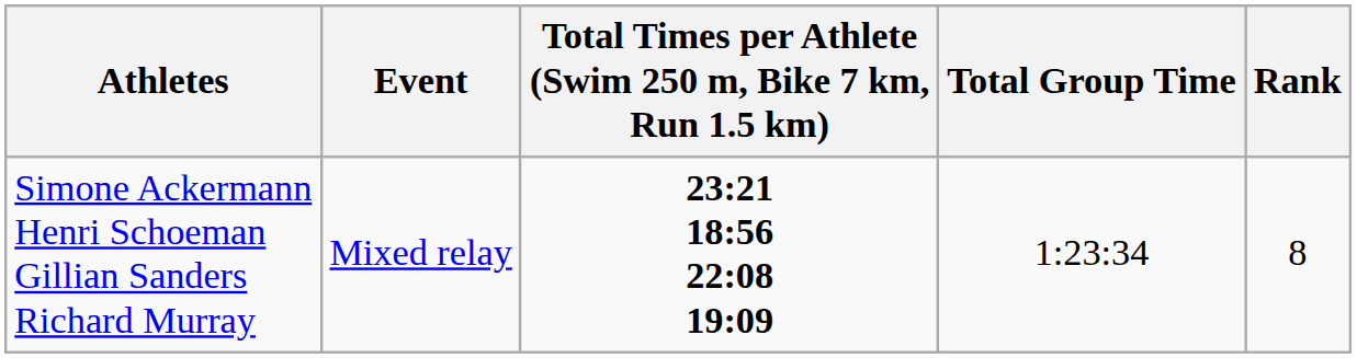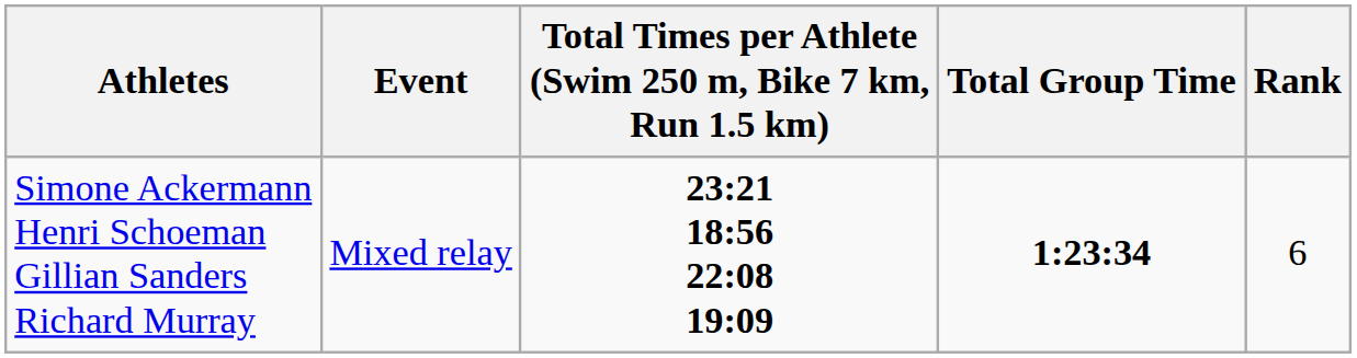 <table class="wikitable" border="1" style="font-size:90%">
 <tr>
 <th>Athletes</th>
 <th>Event</th>
 <th>Total Times per Athlete <br> (Swim 250 m, Bike 7 km, <br> Run 1.5 km)</th>
 <th>Total Group Time</th>
 <th>Rank</th>
 </tr>
 <tr align=center>
 <td align=left><a href='#'>Simone Ackermann</a><br><a href='#'>Henri Schoeman</a><br><a href='#'>Gillian Sanders</a><br><a href='#'>Richard Murray</a></td>
 <td align=left><a href='#'>Mixed relay</a></td>
 <td><strong>23:21<br>18:56<br>22:08<br>19:09</strong></td>
-<td>1:23:34</td>
-<td>8</td>
+<td><strong>1:23:34</strong></td>
+<td>6</td>
 </tr>
 </table>
